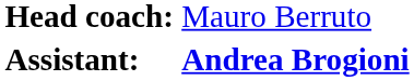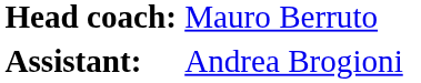 <table>
 <tr>
 <td><strong>Head coach:</strong></td>
 <td><a href='#'>Mauro Berruto</a></td>
 </tr>
 <tr>
 <td><strong>Assistant:</strong></td>
-<td><strong><a href='#'>Andrea Brogioni</a></strong></td>
+<td><a href='#'>Andrea Brogioni</a></td>
 </tr>
 </table>
